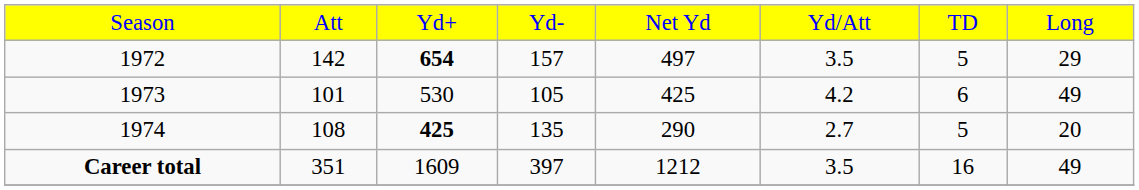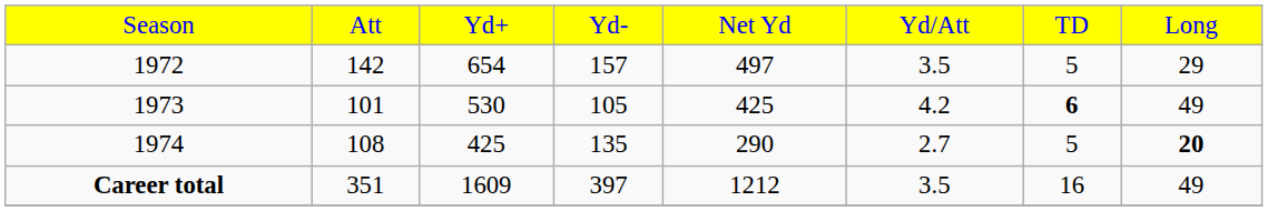 <table class="wikitable" width="90%">
 <tr align="center"  style="background:yellow;color:blue;">
 <td>Season</td>
 <td>Att</td>
 <td>Yd+</td>
 <td>Yd-</td>
 <td>Net Yd</td>
 <td>Yd/Att</td>
 <td>TD</td>
 <td>Long</td>
 </tr>
 <tr align="center" bgcolor="">
 <td>1972</td>
 <td>142</td>
-<td><strong>654</strong></td>
+<td>654</td>
 <td>157</td>
 <td>497</td>
 <td>3.5</td>
 <td>5</td>
 <td>29</td>
 </tr>
 <tr align="center" bgcolor="">
 <td>1973</td>
 <td>101</td>
 <td>530</td>
 <td>105</td>
 <td>425</td>
 <td>4.2</td>
-<td>6</td>
+<td><strong>6</strong></td>
 <td>49</td>
 </tr>
 <tr align="center" bgcolor="">
 <td>1974</td>
 <td>108</td>
-<td><strong>425</strong></td>
+<td>425</td>
 <td>135</td>
 <td>290</td>
 <td>2.7</td>
 <td>5</td>
-<td>20</td>
+<td><strong>20</strong></td>
 </tr>
 <tr align="center" bgcolor="">
 <td><strong>Career total</strong></td>
 <td>351</td>
 <td>1609</td>
 <td>397</td>
 <td>1212</td>
 <td>3.5</td>
 <td>16</td>
 <td>49</td>
 </tr>
 <tr align="center" bgcolor="">
 </tr>
 </table>
